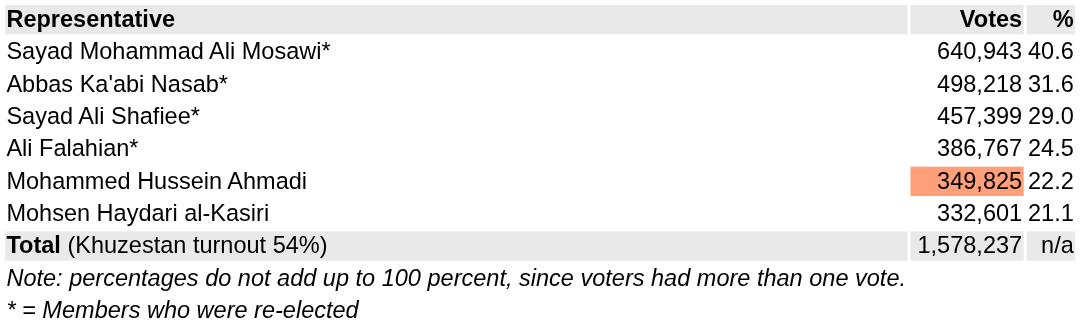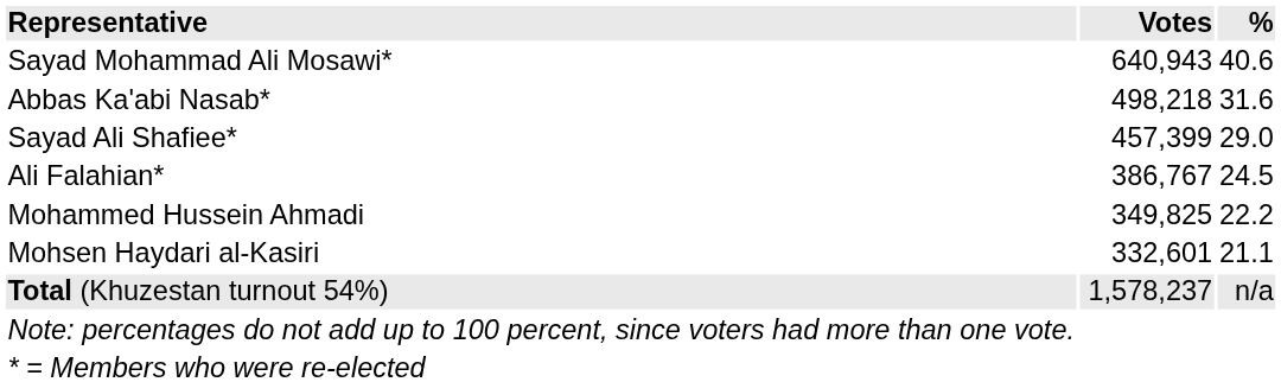 <table ->
 <tr>
 <th style="background:#e9e9e9; text-align:left;">Representative</th>
 <th style="background:#e9e9e9; text-align:right;">Votes</th>
 <th style="background:#e9e9e9; text-align:right;">%</th>
 </tr>
 <tr>
 <td align=left>Sayad Mohammad Ali Mosawi*</td>
 <td style="text-align:right;">640,943</td>
 <td style="text-align:right;">40.6</td>
 </tr>
 <tr>
 <td align=left>Abbas Ka'abi Nasab*</td>
 <td style="text-align:right;">498,218</td>
 <td style="text-align:right;">31.6</td>
 </tr>
 <tr>
 <td align=left>Sayad Ali Shafiee*</td>
 <td style="text-align:right;">457,399</td>
 <td style="text-align:right;">29.0</td>
 </tr>
 <tr>
 <td align=left>Ali Falahian*</td>
 <td style="text-align:right;">386,767</td>
 <td style="text-align:right;">24.5</td>
 </tr>
 <tr>
 <td align=left>Mohammed Hussein Ahmadi</td>
-<td style="background: lightsalmon; text-align:right;">349,825</td>
+<td style="text-align:right;">349,825</td>
 <td style="text-align:right;">22.2</td>
 </tr>
 <tr>
 <td align=left>Mohsen Haydari al-Kasiri</td>
 <td style="text-align:right;">332,601</td>
 <td style="text-align:right;">21.1</td>
 </tr>
 <tr style="background:#e9e9e9;">
 <td style="text-align:left; "><strong>Total</strong> (Khuzestan turnout 54%)</td>
 <td style="text-align:right; width:75px; ">1,578,237</td>
 <td style="text-align:right; width:30px; ">n/a</td>
 </tr>
 <tr>
 <td><em>Note: percentages do not add up to 100 percent, since voters had more than one vote.</em></td>
 </tr>
 <tr>
 <td><em>* = Members who were re-elected</em></td>
 </tr>
 </table>
